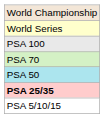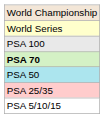 <table class=wikitable style=float:left;margin-right:1em;font-size:90%>
 <tr style="background:#F3E6D7;">
 <td>World Championship</td>
 </tr>
 <tr style="background:#ffc;">
 <td>World Series</td>
 </tr>
 <tr style="background:#E9E9E9;">
 <td>PSA 100</td>
 </tr>
 <tr style="background:#D4F1C5;">
-<td>PSA 70</td>
+<td><strong>PSA 70</strong></td>
 </tr>
 <tr style="background:#ACE5EE;">
 <td>PSA 50</td>
 </tr>
 <tr style="background:#ffcccc;">
-<td><strong>PSA 25/35</strong></td>
+<td>PSA 25/35</td>
 </tr>
 <tr style="background:#fff;">
 <td>PSA 5/10/15</td>
 </tr>
 </table>
